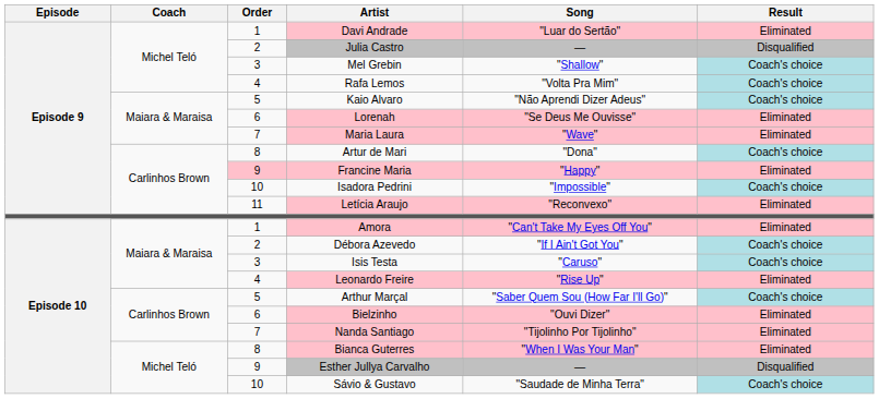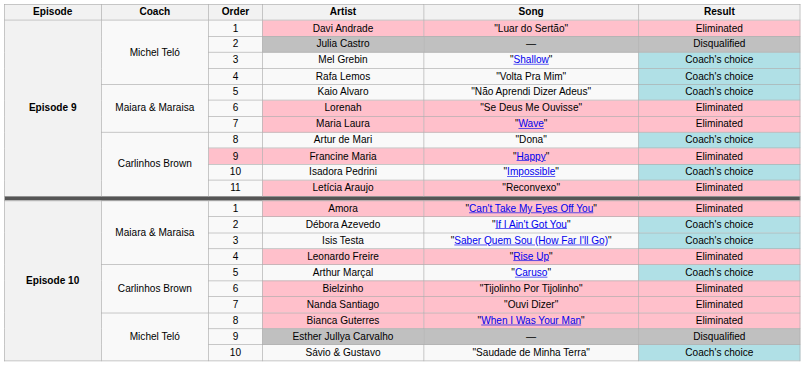 <table class="wikitable" style="text-align:center; width:100%;">
 <tr>
 <th scope="col" width="09%">Episode</th>
 <th scope="col" width="10%">Coach</th>
 <th scope="col" width="05%">Order</th>
 <th scope="col" width="15%">Artist</th>
 <th scope="col" width="20%">Song</th>
 <th scope="col" width="15%">Result</th>
 </tr>
 <tr>
 <th scope="col" rowspan=11>Episode 9<br></th>
 <td rowspan="4">Michel Teló<br></td>
 <td>1</td>
 <td bgcolor=FFC0CB>Davi Andrade</td>
 <td bgcolor=FFC0CB>"Luar do Sertão"</td>
 <td bgcolor=FFC0CB>Eliminated</td>
 </tr>
 <tr>
 <td>2</td>
 <td bgcolor=C0C0C0>Julia Castro</td>
 <td bgcolor=C0C0C0>—</td>
 <td bgcolor=C0C0C0>Disqualified</td>
 </tr>
 <tr>
 <td>3</td>
 <td>Mel Grebin</td>
 <td>"<a href='#'>Shallow</a>"</td>
 <td bgcolor=B0E0E6>Coach's choice</td>
 </tr>
 <tr>
 <td>4</td>
 <td>Rafa Lemos</td>
 <td>"Volta Pra Mim"</td>
 <td bgcolor=B0E0E6>Coach's choice</td>
 </tr>
 <tr>
 <td rowspan="3">Maiara & Maraisa</td>
 <td>5</td>
 <td>Kaio Alvaro</td>
 <td>"Não Aprendi Dizer Adeus"</td>
 <td bgcolor=B0E0E6>Coach's choice</td>
 </tr>
 <tr>
 <td>6</td>
 <td bgcolor=FFC0CB>Lorenah</td>
 <td bgcolor=FFC0CB>"Se Deus Me Ouvisse"</td>
 <td bgcolor=FFC0CB>Eliminated</td>
 </tr>
 <tr>
 <td>7</td>
 <td bgcolor=FFC0CB>Maria Laura</td>
 <td bgcolor=FFC0CB>"<a href='#'>Wave</a>"</td>
 <td bgcolor=FFC0CB>Eliminated</td>
 </tr>
 <tr>
 <td rowspan="4">Carlinhos Brown</td>
 <td>8</td>
 <td>Artur de Mari</td>
 <td>"Dona"</td>
 <td bgcolor=B0E0E6>Coach's choice</td>
 </tr>
 <tr>
 <td style="background: pink;">9</td>
 <td bgcolor=FFC0CB>Francine Maria</td>
 <td bgcolor=FFC0CB>"<a href='#'>Happy</a>"</td>
 <td bgcolor=FFC0CB>Eliminated</td>
 </tr>
 <tr>
 <td>10</td>
 <td>Isadora Pedrini</td>
 <td>"<a href='#'>Impossible</a>"</td>
 <td bgcolor=B0E0E6>Coach's choice</td>
 </tr>
 <tr>
 <td>11</td>
 <td bgcolor=FFC0CB>Letícia Araujo</td>
 <td bgcolor=FFC0CB>"Reconvexo"</td>
 <td bgcolor=FFC0CB>Eliminated</td>
 </tr>
 <tr>
 <td colspan=6 bgcolor=555555></td>
 </tr>
 <tr>
 <th scope="col" rowspan=10>Episode 10<br></th>
 <td rowspan="4">Maiara & Maraisa</td>
 <td>1</td>
 <td bgcolor=FFC0CB>Amora</td>
 <td bgcolor=FFC0CB>"<a href='#'>Can't Take My Eyes Off You</a>"</td>
 <td bgcolor=FFC0CB>Eliminated</td>
 </tr>
 <tr>
 <td>2</td>
 <td>Débora Azevedo</td>
 <td>"<a href='#'>If I Ain't Got You</a>"</td>
 <td bgcolor=B0E0E6>Coach's choice</td>
 </tr>
 <tr>
 <td>3</td>
 <td>Isis Testa</td>
-<td>"<a href='#'>Caruso</a>"</td>
+<td>"<a href='#'>Saber Quem Sou (How Far I'll Go)</a>"</td>
 <td bgcolor=B0E0E6>Coach's choice</td>
 </tr>
 <tr>
 <td>4</td>
 <td bgcolor=FFC0CB>Leonardo Freire</td>
 <td bgcolor=FFC0CB>"<a href='#'>Rise Up</a>"</td>
 <td bgcolor=FFC0CB>Eliminated</td>
 </tr>
 <tr>
 <td rowspan="3">Carlinhos Brown</td>
 <td>5</td>
 <td>Arthur Marçal</td>
-<td>"<a href='#'>Saber Quem Sou (How Far I'll Go)</a>"</td>
+<td>"<a href='#'>Caruso</a>"</td>
 <td bgcolor=B0E0E6>Coach's choice</td>
 </tr>
 <tr>
 <td>6</td>
 <td bgcolor=FFC0CB>Bielzinho</td>
-<td bgcolor=FFC0CB>"Ouvi Dizer"</td>
+<td bgcolor=FFC0CB>"Tijolinho Por Tijolinho"</td>
 <td bgcolor=FFC0CB>Eliminated</td>
 </tr>
 <tr>
 <td>7</td>
 <td bgcolor=FFC0CB>Nanda Santiago</td>
-<td bgcolor=FFC0CB>"Tijolinho Por Tijolinho"</td>
+<td bgcolor=FFC0CB>"Ouvi Dizer"</td>
 <td bgcolor=FFC0CB>Eliminated</td>
 </tr>
 <tr>
 <td rowspan="3">Michel Teló<br></td>
 <td>8</td>
 <td bgcolor=FFC0CB>Bianca Guterres</td>
 <td bgcolor=FFC0CB>"<a href='#'>When I Was Your Man</a>"</td>
 <td bgcolor=FFC0CB>Eliminated</td>
 </tr>
 <tr>
 <td>9</td>
 <td bgcolor=C0C0C0>Esther Jullya Carvalho</td>
 <td bgcolor=C0C0C0>—</td>
 <td bgcolor=C0C0C0>Disqualified</td>
 </tr>
 <tr>
 <td>10</td>
 <td>Sávio & Gustavo</td>
 <td>"Saudade de Minha Terra"</td>
 <td bgcolor=B0E0E6>Coach's choice</td>
 </tr>
 </table>
